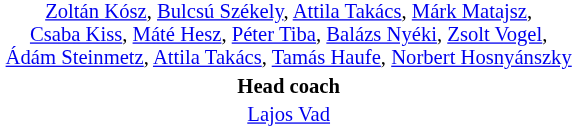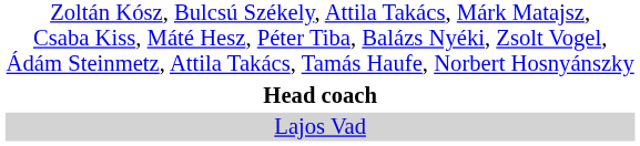 <table style="text-align: center; margin-top: 2em; margin-left: auto; margin-right: auto">
 <tr>
 <td><a href='#'>Zoltán Kósz</a>, <a href='#'>Bulcsú Székely</a>, <a href='#'>Attila Takács</a>, <a href='#'>Márk Matajsz</a>,<br><a href='#'>Csaba Kiss</a>, <a href='#'>Máté Hesz</a>, <a href='#'>Péter Tiba</a>, <a href='#'>Balázs Nyéki</a>, <a href='#'>Zsolt Vogel</a>,<br><a href='#'>Ádám Steinmetz</a>, <a href='#'>Attila Takács</a>, <a href='#'>Tamás Haufe</a>, <a href='#'>Norbert Hosnyánszky</a></td>
 </tr>
 <tr>
 <td><strong>Head coach</strong></td>
 </tr>
 <tr>
-<td><a href='#'>Lajos Vad</a></td>
+<td style="background: lightgrey;"><a href='#'>Lajos Vad</a></td>
 </tr>
 </table>
